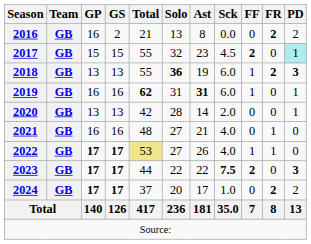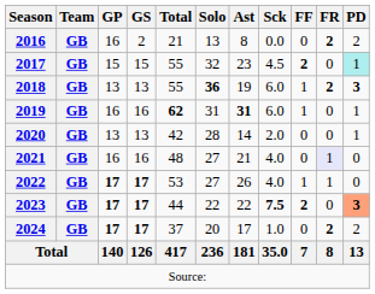 <table class=wikitable style="text-align:center;">
 <tr>
 <th>Season</th>
 <th>Team</th>
 <th>GP</th>
 <th>GS</th>
 <th>Total</th>
 <th>Solo</th>
 <th>Ast</th>
 <th>Sck</th>
 <th>FF</th>
 <th>FR</th>
 <th>PD</th>
 </tr>
 <tr>
 <th><a href='#'>2016</a></th>
 <th><a href='#'>GB</a></th>
 <td>16</td>
 <td>2</td>
 <td>21</td>
 <td>13</td>
 <td>8</td>
 <td>0.0</td>
 <td>0</td>
 <td><strong>2</strong></td>
 <td>2</td>
 </tr>
 <tr>
 <th><a href='#'>2017</a></th>
 <th><a href='#'>GB</a></th>
 <td>15</td>
 <td>15</td>
 <td>55</td>
 <td>32</td>
 <td>23</td>
 <td>4.5</td>
 <td><strong>2</strong></td>
 <td>0</td>
 <td style="background: paleturquoise;">1</td>
 </tr>
 <tr>
 <th><a href='#'>2018</a></th>
 <th><a href='#'>GB</a></th>
 <td>13</td>
 <td>13</td>
 <td>55</td>
 <td><strong>36</strong></td>
 <td>19</td>
 <td>6.0</td>
 <td>1</td>
 <td><strong>2</strong></td>
 <td><strong>3</strong></td>
 </tr>
 <tr>
 <th><a href='#'>2019</a></th>
 <th><a href='#'>GB</a></th>
 <td>16</td>
 <td>16</td>
 <td><strong>62</strong></td>
 <td>31</td>
 <td><strong>31</strong></td>
 <td>6.0</td>
 <td>1</td>
 <td>0</td>
 <td>1</td>
 </tr>
 <tr>
 <th><a href='#'>2020</a></th>
 <th><a href='#'>GB</a></th>
 <td>13</td>
 <td>13</td>
 <td>42</td>
 <td>28</td>
 <td>14</td>
 <td>2.0</td>
 <td>0</td>
 <td>0</td>
 <td>1</td>
 </tr>
 <tr>
 <th><a href='#'>2021</a></th>
 <th><a href='#'>GB</a></th>
 <td>16</td>
 <td>16</td>
 <td>48</td>
 <td>27</td>
 <td>21</td>
 <td>4.0</td>
 <td>0</td>
-<td>1</td>
+<td style="background: lavender;">1</td>
 <td>0</td>
 </tr>
 <tr>
 <th><a href='#'>2022</a></th>
 <th><a href='#'>GB</a></th>
 <td><strong>17</strong></td>
 <td><strong>17</strong></td>
-<td style="background: khaki;">53</td>
+<td>53</td>
 <td>27</td>
 <td>26</td>
 <td>4.0</td>
 <td>1</td>
 <td>1</td>
 <td>0</td>
 </tr>
 <tr>
 <th><a href='#'>2023</a></th>
 <th><a href='#'>GB</a></th>
 <td><strong>17</strong></td>
 <td><strong>17</strong></td>
 <td>44</td>
 <td>22</td>
 <td>22</td>
 <td><strong>7.5</strong></td>
 <td><strong>2</strong></td>
 <td>0</td>
-<td><strong>3</strong></td>
+<td style="background: lightsalmon;"><strong>3</strong></td>
 </tr>
 <tr>
 <th><a href='#'>2024</a></th>
 <th><a href='#'>GB</a></th>
 <td><strong>17</strong></td>
 <td><strong>17</strong></td>
 <td>37</td>
 <td>20</td>
 <td>17</td>
 <td>1.0</td>
 <td>0</td>
 <td><strong>2</strong></td>
 <td>2</td>
 </tr>
 <tr>
 <th colspan=2>Total</th>
 <th>140</th>
 <th>126</th>
 <th>417</th>
 <th>236</th>
 <th>181</th>
 <th>35.0</th>
 <th>7</th>
 <th>8</th>
 <th>13</th>
 </tr>
 <tr>
 <td colspan="11"><small>Source: </small></td>
 </tr>
 </table>
